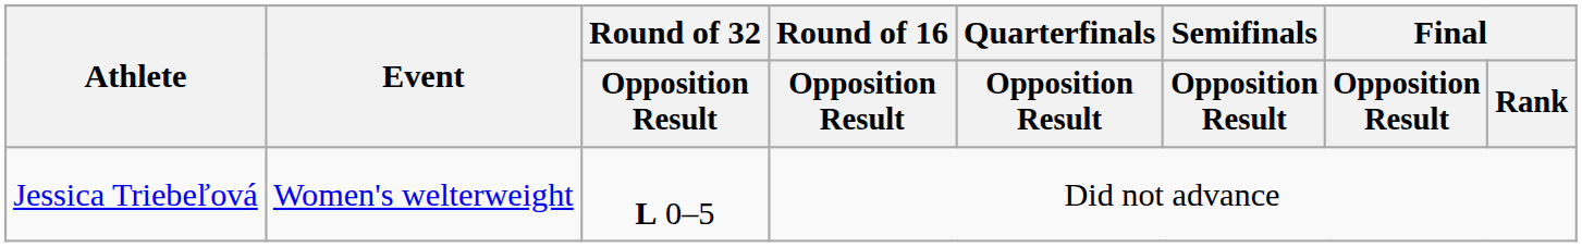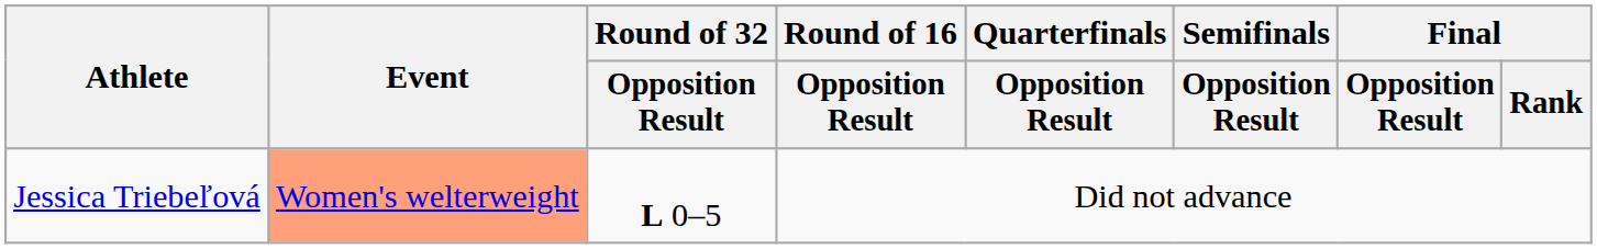 <table class="wikitable" style="font-size:90%">
 <tr>
 <th rowspan="2">Athlete</th>
 <th rowspan="2">Event</th>
 <th>Round of 32</th>
 <th>Round of 16</th>
 <th>Quarterfinals</th>
 <th>Semifinals</th>
 <th colspan=2>Final</th>
 </tr>
 <tr style="font-size:95%">
 <th>Opposition<br>Result</th>
 <th>Opposition<br>Result</th>
 <th>Opposition<br>Result</th>
 <th>Opposition<br>Result</th>
 <th>Opposition<br>Result</th>
 <th>Rank</th>
 </tr>
 <tr align=center>
 <td align=left><a href='#'>Jessica Triebeľová</a></td>
-<td align=left><a href='#'>Women's welterweight</a></td>
+<td align=left style="background: lightsalmon;"><a href='#'>Women's welterweight</a></td>
 <td><br><strong>L</strong> 0–5</td>
 <td colspan=5>Did not advance</td>
 </tr>
 </table>
